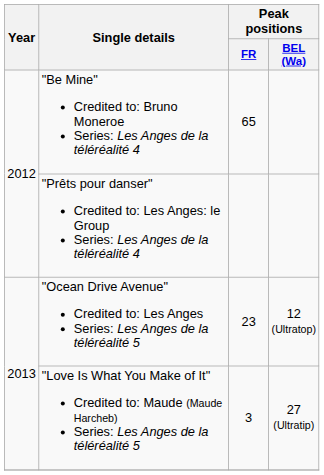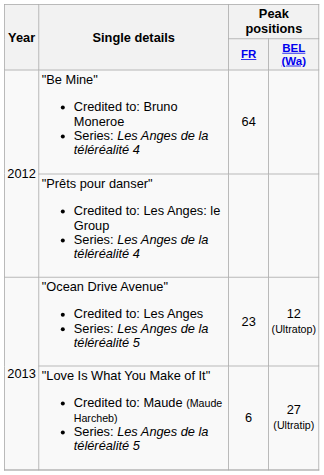 <table class="wikitable">
 <tr>
 <th align="center" rowspan="2" width="30">Year</th>
 <th align="center" rowspan="2" width="230">Single details</th>
 <th align="center" colspan="2" width="30">Peak positions</th>
 </tr>
 <tr>
 <th scope="col" style="width:3em;font-size:90%;"><a href='#'>FR</a><br></th>
 <th scope="col" style="width:3em;font-size:90%;"><a href='#'>BEL <br>(Wa)</a><br></th>
 </tr>
 <tr>
 <td align="center"  rowspan=2>2012</td>
 <td>"Be Mine"<br><ul><li>Credited to: Bruno Moneroe</li><li>Series: <em>Les Anges de la téléréalité 4</em></li></ul></td>
-<td align="center">65</td>
+<td align="center">64</td>
 <td align="center"></td>
 </tr>
 <tr>
 <td>"Prêts pour danser"<br><ul><li>Credited to: Les Anges: le  Group</li><li>Series: <em>Les Anges de la téléréalité 4</em></li></ul></td>
 <td align="center"></td>
 <td align="center"></td>
 </tr>
 <tr>
 <td align="center"  rowspan=2>2013</td>
 <td>"Ocean Drive Avenue"<br><ul><li>Credited to: Les Anges</li><li>Series: <em>Les Anges de la téléréalité 5</em></li></ul></td>
 <td align="center">23</td>
 <td align="center">12 <br><small>(Ultratop)</small></td>
 </tr>
 <tr>
 <td>"Love Is What You Make of It"<br><ul><li>Credited to: Maude <small>(Maude Harcheb)</small></li><li>Series: <em>Les Anges de la téléréalité 5</em></li></ul></td>
-<td align="center">3</td>
+<td align="center">6</td>
 <td align="center">27 <br><small>(Ultratip)</small></td>
 </tr>
 <tr>
 </tr>
 </table>
